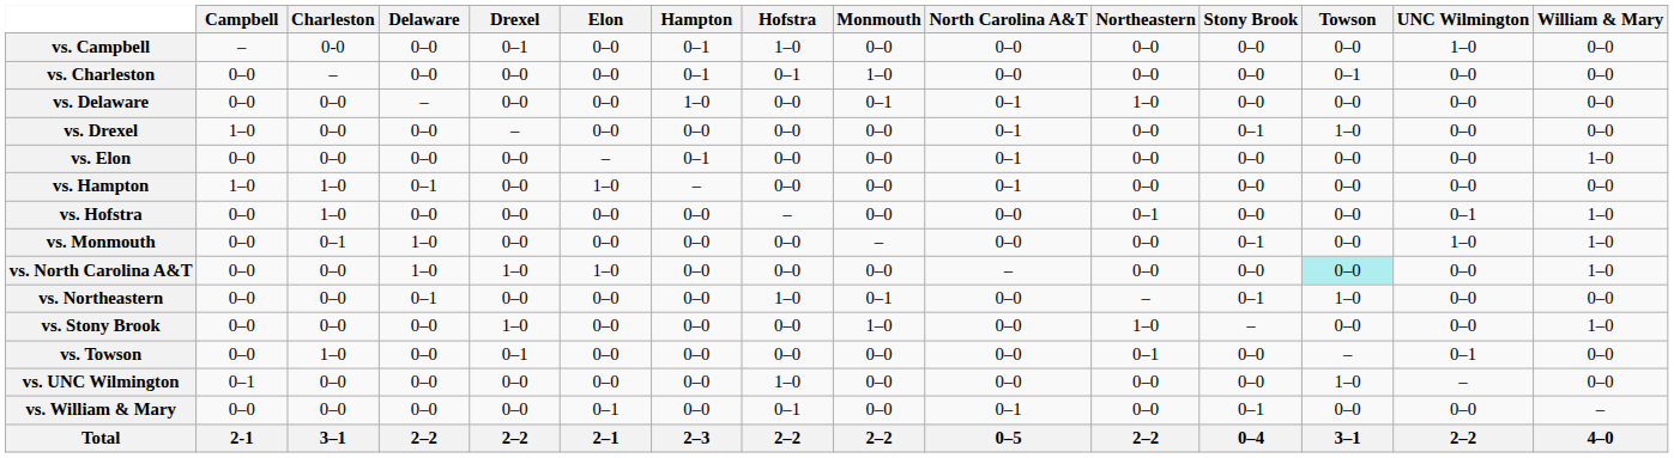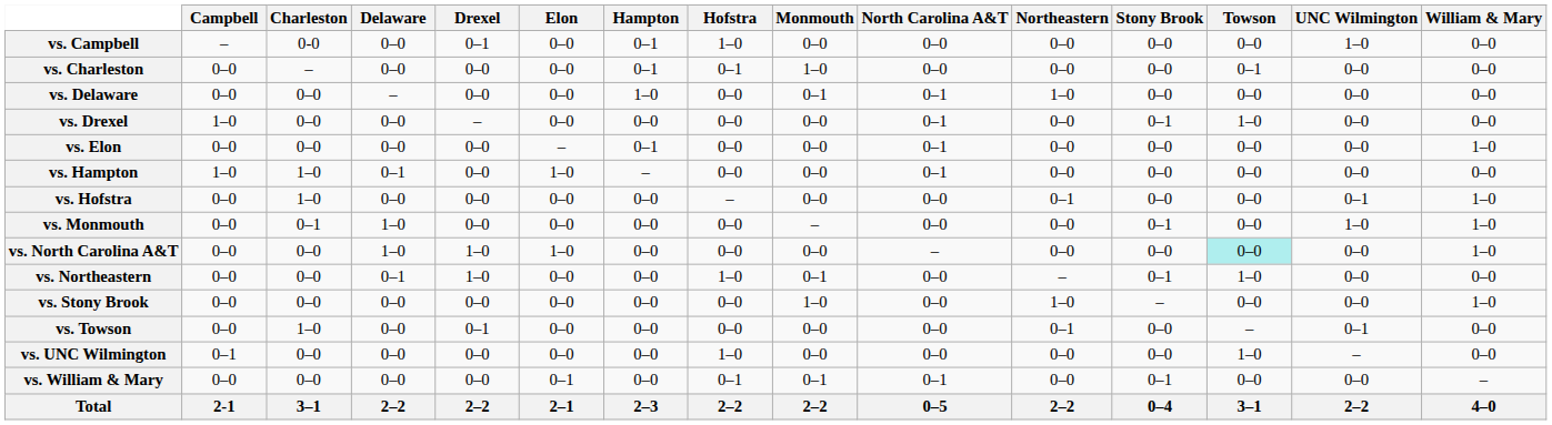 <table class="wikitable" style="white-space:nowrap;font-size:100%;">
 <tr>
 <th colspan="1" width="75" style="background:white; border-top-style:hidden; border-left-style:hidden;"> </th>
 <th width="75">Campbell</th>
 <th width="75">Charleston</th>
 <th width="75">Delaware</th>
 <th width="75">Drexel</th>
 <th width="75">Elon</th>
 <th width="75">Hampton</th>
 <th width="75">Hofstra</th>
 <th width="75">Monmouth</th>
 <th width="75">North Carolina A&T</th>
 <th width="75">Northeastern</th>
 <th width="75">Stony Brook</th>
 <th width="75">Towson</th>
 <th width="75">UNC Wilmington</th>
 <th width="75">William & Mary</th>
 </tr>
 <tr style="text-align:center;">
 <th>vs. Campbell</th>
 <td>–</td>
 <td>0-0</td>
 <td>0–0</td>
 <td>0–1</td>
 <td>0–0</td>
 <td>0–1</td>
 <td>1–0</td>
 <td>0–0</td>
 <td>0–0</td>
 <td>0–0</td>
 <td>0–0</td>
 <td>0–0</td>
 <td>1–0</td>
 <td>0–0</td>
 </tr>
 <tr style="text-align:center;">
 <th>vs. Charleston</th>
 <td>0–0</td>
 <td>–</td>
 <td>0–0</td>
 <td>0–0</td>
 <td>0–0</td>
 <td>0–1</td>
 <td>0–1</td>
 <td>1–0</td>
 <td>0–0</td>
 <td>0–0</td>
 <td>0–0</td>
 <td>0–1</td>
 <td>0–0</td>
 <td>0–0</td>
 </tr>
 <tr style="text-align:center;">
 <th>vs. Delaware</th>
 <td>0–0</td>
 <td>0–0</td>
 <td>–</td>
 <td>0–0</td>
 <td>0–0</td>
 <td>1–0</td>
 <td>0–0</td>
 <td>0–1</td>
 <td>0–1</td>
 <td>1–0</td>
 <td>0–0</td>
 <td>0–0</td>
 <td>0–0</td>
 <td>0–0</td>
 </tr>
 <tr style="text-align:center;">
 <th>vs. Drexel</th>
 <td>1–0</td>
 <td>0–0</td>
 <td>0–0</td>
 <td>–</td>
 <td>0–0</td>
 <td>0–0</td>
 <td>0–0</td>
 <td>0–0</td>
 <td>0–1</td>
 <td>0–0</td>
 <td>0–1</td>
 <td>1–0</td>
 <td>0–0</td>
 <td>0–0</td>
 </tr>
 <tr style="text-align:center;">
 <th>vs. Elon</th>
 <td>0–0</td>
 <td>0–0</td>
 <td>0–0</td>
 <td>0–0</td>
 <td>–</td>
 <td>0–1</td>
 <td>0–0</td>
 <td>0–0</td>
 <td>0–1</td>
 <td>0–0</td>
 <td>0–0</td>
 <td>0–0</td>
 <td>0–0</td>
 <td>1–0</td>
 </tr>
 <tr style="text-align:center;">
 <th>vs. Hampton</th>
 <td>1–0</td>
 <td>1–0</td>
 <td>0–1</td>
 <td>0–0</td>
 <td>1–0</td>
 <td>–</td>
 <td>0–0</td>
 <td>0–0</td>
 <td>0–1</td>
 <td>0–0</td>
 <td>0–0</td>
 <td>0–0</td>
 <td>0–0</td>
 <td>0–0</td>
 </tr>
 <tr style="text-align:center;">
 <th>vs. Hofstra</th>
 <td>0–0</td>
 <td>1–0</td>
 <td>0–0</td>
 <td>0–0</td>
 <td>0–0</td>
 <td>0–0</td>
 <td>–</td>
 <td>0–0</td>
 <td>0–0</td>
 <td>0–1</td>
 <td>0–0</td>
 <td>0–0</td>
 <td>0–1</td>
 <td>1–0</td>
 </tr>
 <tr style="text-align:center;">
 <th>vs. Monmouth</th>
 <td>0–0</td>
 <td>0–1</td>
 <td>1–0</td>
 <td>0–0</td>
 <td>0–0</td>
 <td>0–0</td>
 <td>0–0</td>
 <td>–</td>
 <td>0–0</td>
 <td>0–0</td>
 <td>0–1</td>
 <td>0–0</td>
 <td>1–0</td>
 <td>1–0</td>
 </tr>
 <tr style="text-align:center;">
 <th>vs. North Carolina A&T</th>
 <td>0–0</td>
 <td>0–0</td>
 <td>1–0</td>
 <td>1–0</td>
 <td>1–0</td>
 <td>0–0</td>
 <td>0–0</td>
 <td>0–0</td>
 <td>–</td>
 <td>0–0</td>
 <td>0–0</td>
 <td style="background: paleturquoise;">0–0</td>
 <td>0–0</td>
 <td>1–0</td>
 </tr>
 <tr style="text-align:center;">
 <th>vs. Northeastern</th>
 <td>0–0</td>
 <td>0–0</td>
 <td>0–1</td>
-<td>0–0</td>
+<td>1–0</td>
 <td>0–0</td>
 <td>0–0</td>
 <td>1–0</td>
 <td>0–1</td>
 <td>0–0</td>
 <td>–</td>
 <td>0–1</td>
 <td>1–0</td>
 <td>0–0</td>
 <td>0–0</td>
 </tr>
 <tr style="text-align:center;">
 <th>vs. Stony Brook</th>
 <td>0–0</td>
 <td>0–0</td>
 <td>0–0</td>
-<td>1–0</td>
+<td>0–0</td>
 <td>0–0</td>
 <td>0–0</td>
 <td>0–0</td>
 <td>1–0</td>
 <td>0–0</td>
 <td>1–0</td>
 <td>–</td>
 <td>0–0</td>
 <td>0–0</td>
 <td>1–0</td>
 </tr>
 <tr style="text-align:center;">
 <th>vs. Towson</th>
 <td>0–0</td>
 <td>1–0</td>
 <td>0–0</td>
 <td>0–1</td>
 <td>0–0</td>
 <td>0–0</td>
 <td>0–0</td>
 <td>0–0</td>
 <td>0–0</td>
 <td>0–1</td>
 <td>0–0</td>
 <td>–</td>
 <td>0–1</td>
 <td>0–0</td>
 </tr>
 <tr style="text-align:center;">
 <th>vs. UNC Wilmington</th>
 <td>0–1</td>
 <td>0–0</td>
 <td>0–0</td>
 <td>0–0</td>
 <td>0–0</td>
 <td>0–0</td>
 <td>1–0</td>
 <td>0–0</td>
 <td>0–0</td>
 <td>0–0</td>
 <td>0–0</td>
 <td>1–0</td>
 <td>–</td>
 <td>0–0</td>
 </tr>
 <tr style="text-align:center;">
 <th>vs. William & Mary</th>
 <td>0–0</td>
 <td>0–0</td>
 <td>0–0</td>
 <td>0–0</td>
 <td>0–1</td>
 <td>0–0</td>
 <td>0–1</td>
-<td>0–0</td>
+<td>0–1</td>
 <td>0–1</td>
 <td>0–0</td>
 <td>0–1</td>
 <td>0–0</td>
 <td>0–0</td>
 <td>–</td>
 </tr>
 <tr style="text-align:center;">
 <th>Total</th>
 <th>2-1</th>
 <th>3–1</th>
 <th>2–2</th>
 <th>2–2</th>
 <th>2–1</th>
 <th>2–3</th>
 <th>2–2</th>
 <th>2–2</th>
 <th>0–5</th>
 <th>2–2</th>
 <th>0–4</th>
 <th>3–1</th>
 <th>2–2</th>
 <th>4–0</th>
 </tr>
 </table>
